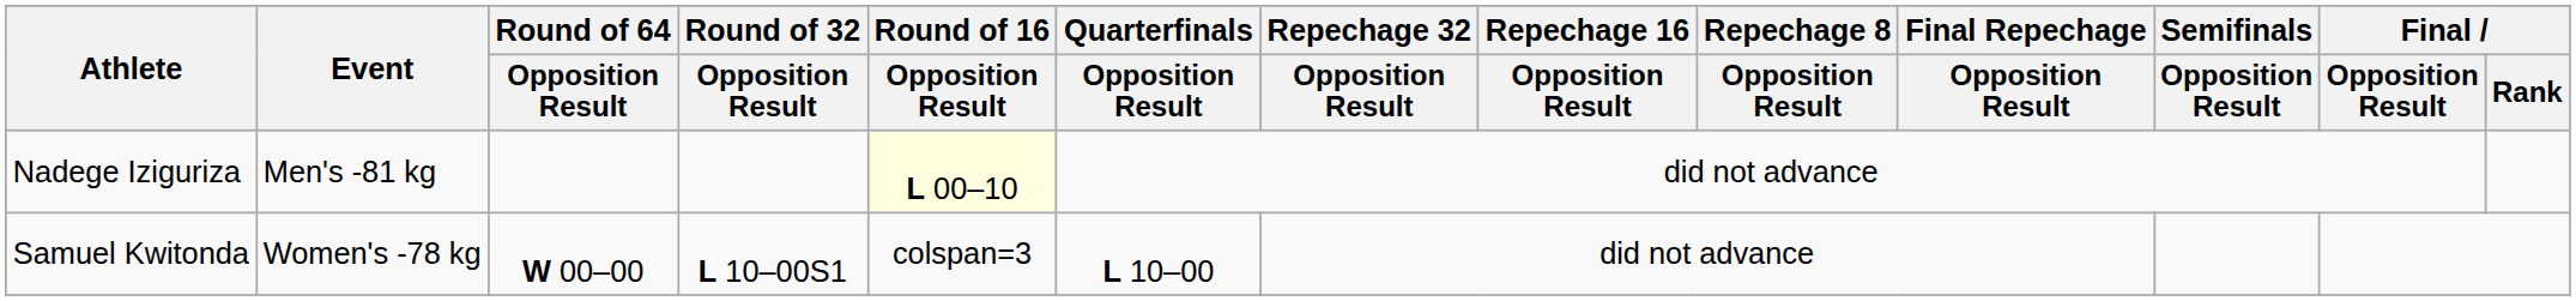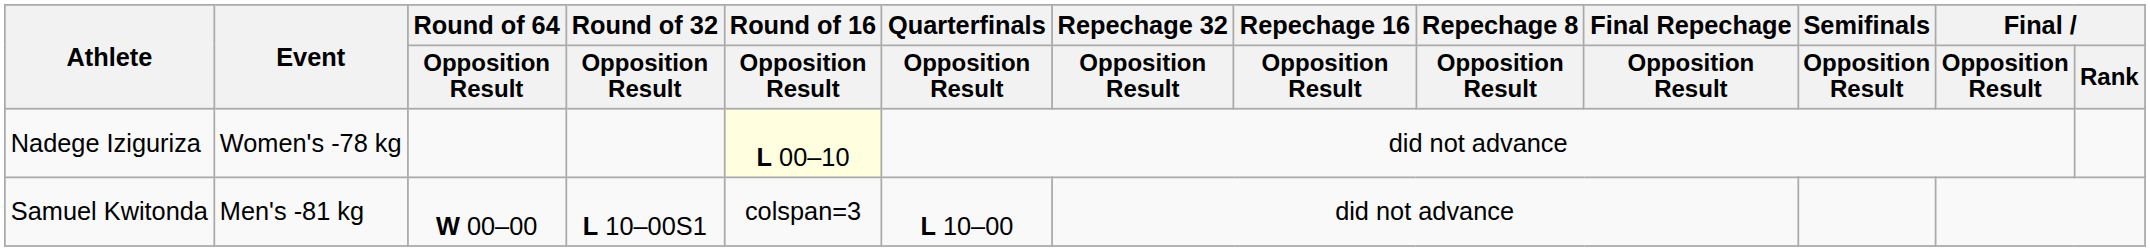 <table class="wikitable" style="font-size:90%">
 <tr>
 <th rowspan="2">Athlete</th>
 <th rowspan="2">Event</th>
 <th>Round of 64</th>
 <th>Round of 32</th>
 <th>Round of 16</th>
 <th>Quarterfinals</th>
 <th>Repechage 32</th>
 <th>Repechage 16</th>
 <th>Repechage 8</th>
 <th>Final Repechage</th>
 <th>Semifinals</th>
 <th colspan=2>Final / </th>
 </tr>
 <tr style="font-size:95%">
 <th>Opposition<br>Result</th>
 <th>Opposition<br>Result</th>
 <th>Opposition<br>Result</th>
 <th>Opposition<br>Result</th>
 <th>Opposition<br>Result</th>
 <th>Opposition<br>Result</th>
 <th>Opposition<br>Result</th>
 <th>Opposition<br>Result</th>
 <th>Opposition<br>Result</th>
 <th>Opposition<br>Result</th>
 <th>Rank</th>
 </tr>
 <tr align=center>
 <td align=left>Nadege Iziguriza</td>
-<td align=left>Men's -81 kg</td>
+<td align=left>Women's -78 kg</td>
 <td></td>
 <td></td>
 <td style="background: lightyellow;"><br><strong>L</strong> 00–10</td>
 <td colspan=7>did not advance</td>
 <td></td>
 </tr>
 <tr align=center>
 <td align=left>Samuel Kwitonda</td>
-<td align=left>Women's -78 kg</td>
+<td align=left>Men's -81 kg</td>
 <td><br><strong>W</strong> 00–00</td>
 <td><br><strong>L</strong> 10–00S1</td>
 <td>colspan=3 </td>
 <td><br><strong>L</strong> 10–00</td>
 <td colspan=4>did not advance</td>
 <td></td>
 </tr>
 </table>
